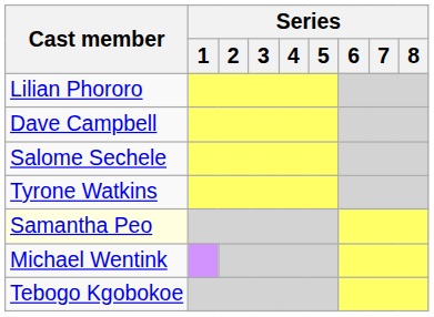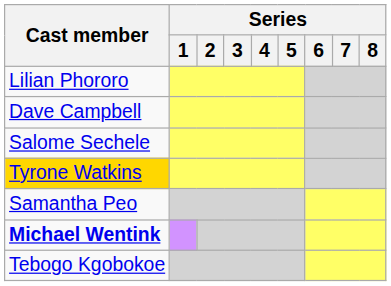 <table class="wikitable" style="margin:left; font-size:100%">
 <tr>
 <th rowspan="2">Cast member</th>
 <th colspan="8" style="text-align:center">Series</th>
 </tr>
 <tr>
 <th width="15">1</th>
 <th width="15">2</th>
 <th width="15">3</th>
 <th width="15">4</th>
 <th width="15">5</th>
 <th width="15">6</th>
 <th width="15">7</th>
 <th width="15">8</th>
 </tr>
 <tr>
 <td><a href='#'>Lilian Phororo</a></td>
 <td colspan="5" style="background:#FF6"></td>
 <td colspan="3" style="background:lightgrey"></td>
 </tr>
 <tr>
 <td><a href='#'>Dave Campbell</a></td>
 <td colspan="5" style="background:#FF6"></td>
 <td colspan="3" style="background:lightgrey"></td>
 </tr>
 <tr>
 <td><a href='#'>Salome Sechele</a></td>
 <td colspan="5" style="background:#FF6"></td>
 <td colspan="3" style="background:lightgrey"></td>
 </tr>
 <tr>
-<td><a href='#'>Tyrone Watkins</a></td>
+<td style="background: gold;"><a href='#'>Tyrone Watkins</a></td>
 <td colspan="5" style="background:#FF6"></td>
 <td colspan="3" style="background:lightgrey"></td>
 </tr>
 <tr>
-<td style="background: lightyellow;"><a href='#'>Samantha Peo</a></td>
+<td><a href='#'>Samantha Peo</a></td>
 <td colspan="5" style="background:lightgrey"></td>
 <td colspan="3" style="background:#FF6"></td>
 </tr>
 <tr>
-<td><a href='#'>Michael Wentink</a></td>
+<td><strong><a href='#'>Michael Wentink</a></strong></td>
 <td colspan="1" style="background:#d293ff"></td>
 <td colspan="4" style="background:lightgrey"></td>
 <td colspan="3" style="background:#FF6"></td>
 </tr>
 <tr>
 <td><a href='#'>Tebogo Kgobokoe</a></td>
 <td colspan="5" style="background:lightgrey"></td>
 <td colspan="3" style="background:#FF6"></td>
 </tr>
 </table>
